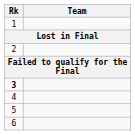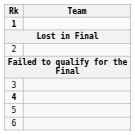 <table class=wikitable style=text-align:center>
 <tr>
 <th width=25>Rk</th>
 <th width=170>Team</th>
 </tr>
 <tr>
-<td>1</td>
+<td><strong>1</strong></td>
 <td align=left></td>
 </tr>
 <tr>
 <th colspan="6">Lost in Final</th>
 </tr>
 <tr>
 <td>2</td>
 <td align=left></td>
 </tr>
 <tr>
 <th colspan="6">Failed to qualify for the Final</th>
 </tr>
 <tr>
-<td><strong>3</strong></td>
+<td>3</td>
 <td align=left></td>
 </tr>
 <tr>
-<td>4</td>
+<td><strong>4</strong></td>
 <td align=left></td>
 </tr>
 <tr>
 <td>5</td>
 <td align=left></td>
 </tr>
 <tr>
 <td>6</td>
 <td align=left></td>
 </tr>
 </table>
